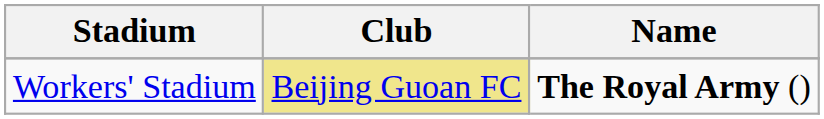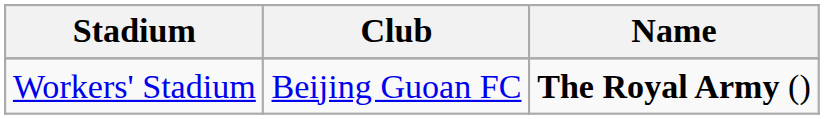 <table class="wikitable">
 <tr>
 <th>Stadium</th>
 <th>Club</th>
 <th>Name</th>
 </tr>
 <tr>
 </tr>
 <tr>
 <td style="text-align:left;"><a href='#'>Workers' Stadium</a></td>
-<td style="background: khaki;"><a href='#'>Beijing Guoan FC</a></td>
+<td><a href='#'>Beijing Guoan FC</a></td>
 <td><strong>The Royal Army</strong> ()</td>
 </tr>
 </table>
